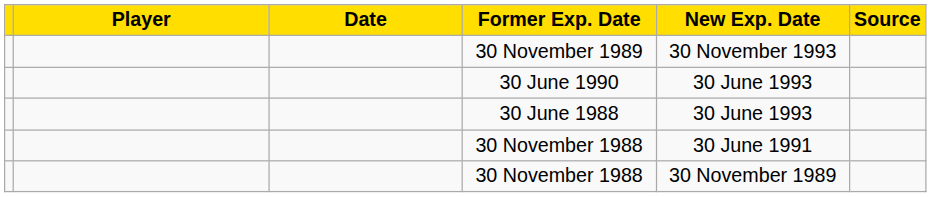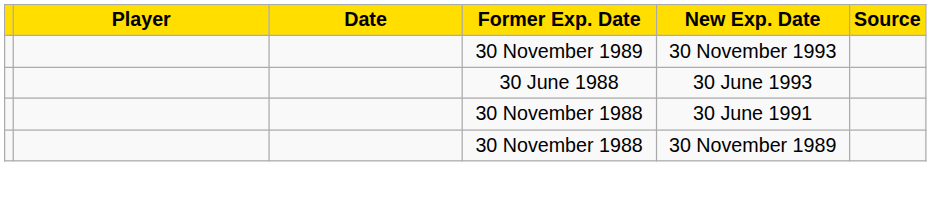 <table class="wikitable sortable">
 <tr>
 <th style="background:#FFDE00"></th>
 <th width=200 style="background:#FFDE00">Player</th>
 <th width=150 style="background:#FFDE00">Date</th>
 <th width=150 style="background:#FFDE00">Former Exp. Date</th>
 <th width=150 style="background:#FFDE00">New Exp. Date</th>
 <th style="background:#FFDE00">Source</th>
 </tr>
 <tr>
 <td align=center></td>
 <td></td>
 <td align=center></td>
 <td align=center>30 November 1989</td>
 <td align=center>30 November 1993</td>
-<td align=center></td>
-</tr>
-<tr>
-<td align=center></td>
-<td></td>
-<td align=center></td>
-<td align=center>30 June 1990</td>
-<td align=center>30 June 1993</td>
 <td align=center></td>
 </tr>
 <tr>
 <td align=center></td>
 <td></td>
 <td align=center></td>
 <td align=center>30 June 1988</td>
 <td align=center>30 June 1993</td>
 <td align=center></td>
 </tr>
 <tr>
 <td align=center></td>
 <td></td>
 <td align=center></td>
 <td align=center>30 November 1988</td>
 <td align=center>30 June 1991</td>
 <td align=center></td>
 </tr>
 <tr>
 <td align=center></td>
 <td></td>
 <td align=center></td>
 <td align=center>30 November 1988</td>
 <td align=center>30 November 1989</td>
 <td align=center></td>
 </tr>
 </table>
